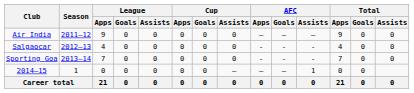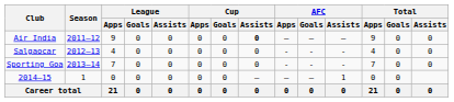 <table class="wikitable" style="font-size:90%; text-align:center;">
 <tr>
 <th rowspan="2">Club</th>
 <th rowspan="2">Season</th>
 <th colspan="3">League</th>
 <th colspan="3">Cup</th>
 <th colspan="3"><a href='#'>AFC</a></th>
 <th colspan="3">Total</th>
 </tr>
 <tr>
 <th>Apps</th>
 <th>Goals</th>
 <th>Assists</th>
 <th>Apps</th>
 <th>Goals</th>
 <th>Assists</th>
 <th>Apps</th>
 <th>Goals</th>
 <th>Assists</th>
 <th>Apps</th>
 <th>Goals</th>
 <th>Assists</th>
 </tr>
 <tr>
 <td rowspan="1"><a href='#'>Air India</a></td>
 <td><a href='#'>2011–12</a></td>
 <td>9</td>
 <td>0</td>
 <td>0</td>
 <td>0</td>
 <td>0</td>
-<td>0</td>
+<td><strong>0</strong></td>
 <td>—</td>
 <td>—</td>
 <td>—</td>
 <td>9</td>
 <td>0</td>
 <td>0</td>
 </tr>
 <tr>
 <td><a href='#'>Salgaocar</a></td>
 <td><a href='#'>2012–13</a></td>
 <td>4</td>
 <td>0</td>
 <td>0</td>
 <td>0</td>
 <td>0</td>
 <td>0</td>
 <td>-</td>
 <td>-</td>
 <td>-</td>
 <td>4</td>
 <td>0</td>
 <td>0</td>
 </tr>
 <tr>
 <td><a href='#'>Sporting Goa</a></td>
 <td><a href='#'>2013–14</a></td>
 <td>7</td>
 <td>0</td>
 <td>0</td>
 <td>0</td>
 <td>0</td>
 <td>0</td>
 <td>-</td>
 <td>-</td>
 <td>-</td>
 <td>7</td>
 <td>0</td>
 <td>0</td>
 </tr>
 <tr>
 <td><a href='#'>2014–15</a></td>
 <td>1</td>
 <td>0</td>
 <td>0</td>
 <td>0</td>
 <td>0</td>
 <td>0</td>
 <td>–</td>
 <td>–</td>
 <td>–</td>
 <td>1</td>
 <td>0</td>
 <td>0</td>
 </tr>
 <tr>
 <th colspan="2">Career total</th>
 <th>21</th>
 <th>0</th>
 <th>0</th>
 <th>0</th>
 <th>0</th>
 <th>0</th>
 <th>0</th>
 <th>0</th>
 <th>0</th>
 <th>21</th>
 <th>0</th>
 <th>0</th>
 </tr>
 </table>
